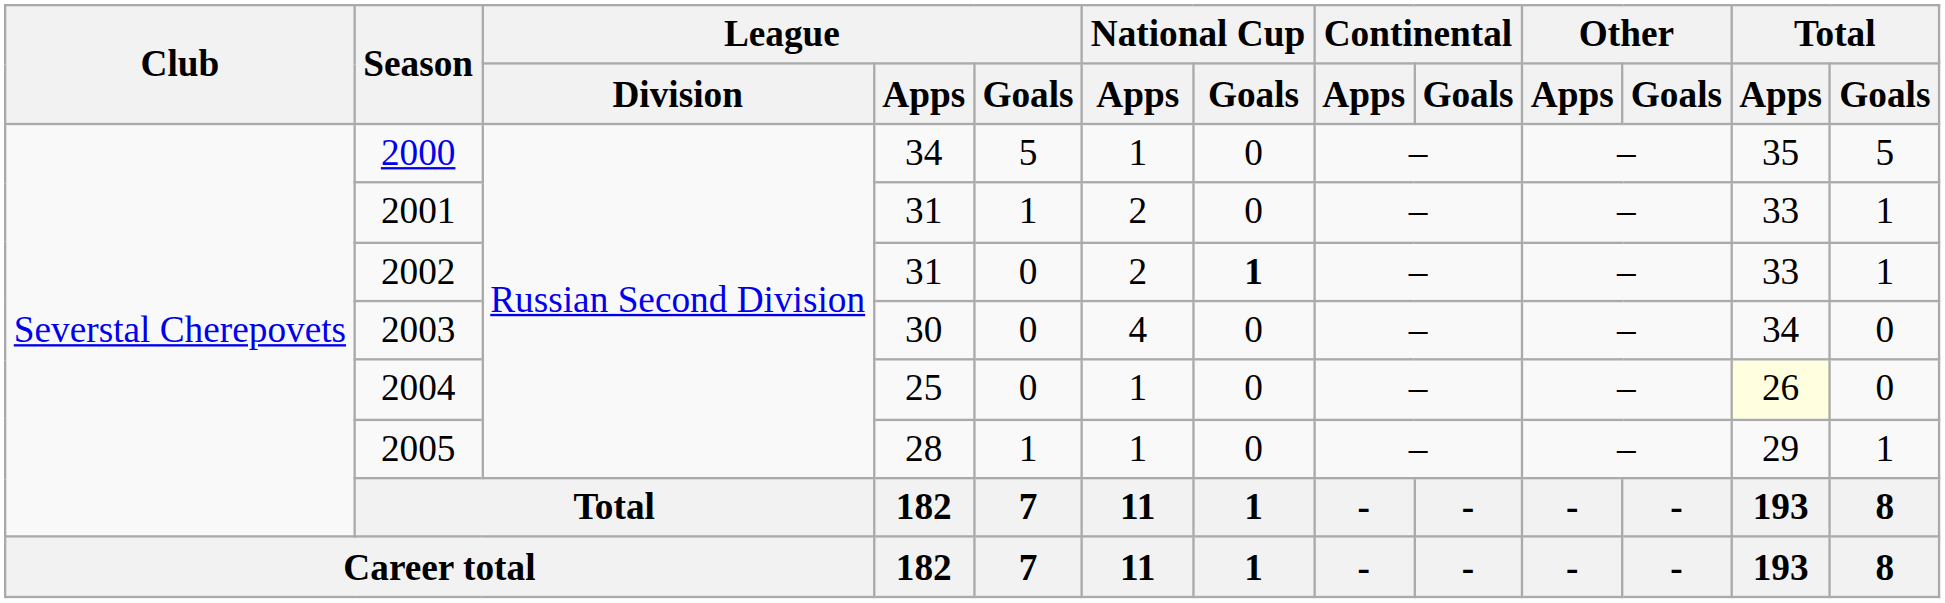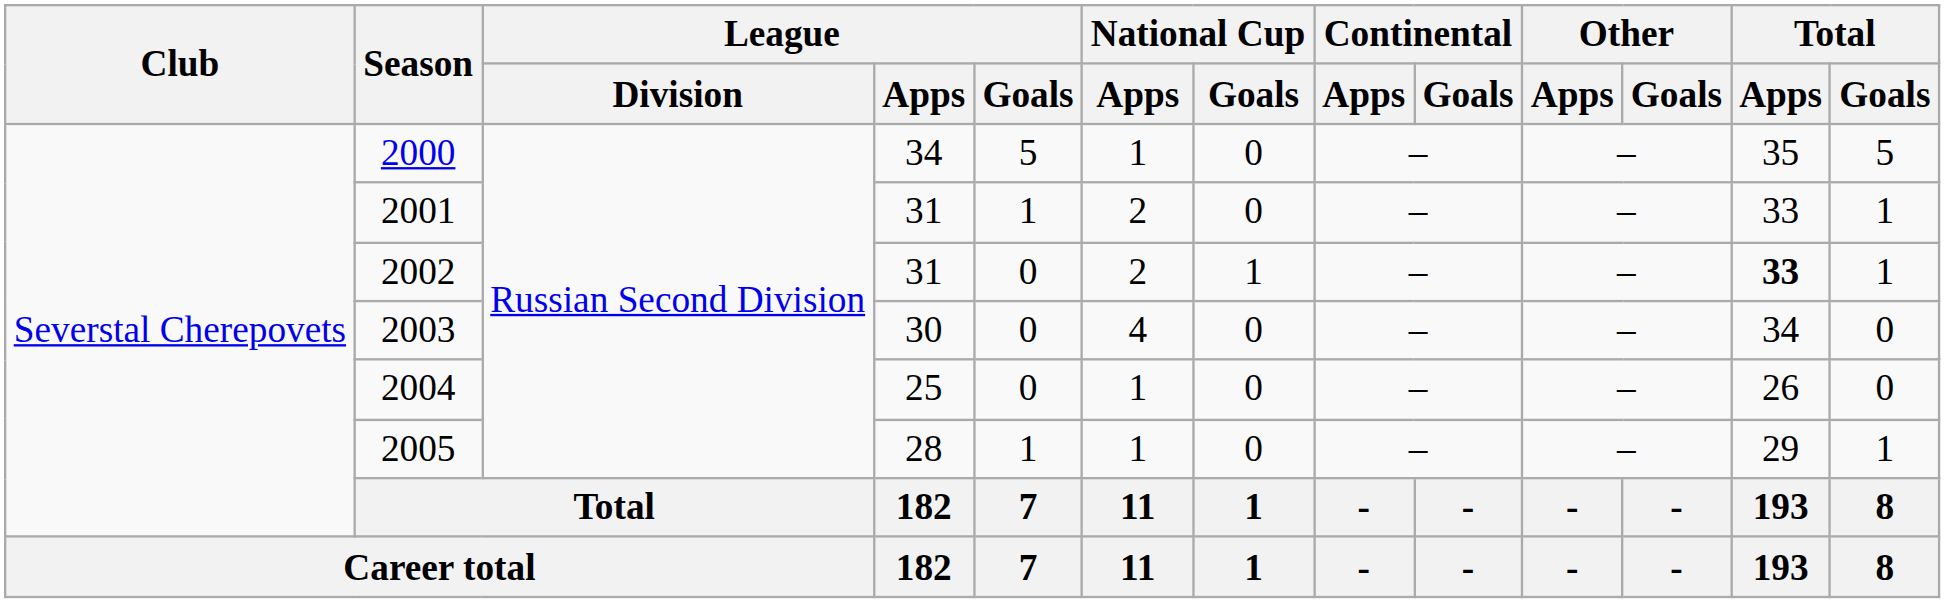 <table class="wikitable" style="text-align: center;">
 <tr>
 <th rowspan="2">Club</th>
 <th rowspan="2">Season</th>
 <th colspan="3">League</th>
 <th colspan="2">National Cup</th>
 <th colspan="2">Continental</th>
 <th colspan="2">Other</th>
 <th colspan="2">Total</th>
 </tr>
 <tr>
 <th>Division</th>
 <th>Apps</th>
 <th>Goals</th>
 <th>Apps</th>
 <th>Goals</th>
 <th>Apps</th>
 <th>Goals</th>
 <th>Apps</th>
 <th>Goals</th>
 <th>Apps</th>
 <th>Goals</th>
 </tr>
 <tr>
 <td rowspan="7" valign="center"><a href='#'>Severstal Cherepovets</a></td>
 <td><a href='#'>2000</a></td>
 <td rowspan="6" valign="center"><a href='#'>Russian Second Division</a></td>
 <td>34</td>
 <td>5</td>
 <td>1</td>
 <td>0</td>
 <td colspan="2">–</td>
 <td colspan="2">–</td>
 <td>35</td>
 <td>5</td>
 </tr>
 <tr>
 <td>2001</td>
 <td>31</td>
 <td>1</td>
 <td>2</td>
 <td>0</td>
 <td colspan="2">–</td>
 <td colspan="2">–</td>
 <td>33</td>
 <td>1</td>
 </tr>
 <tr>
 <td>2002</td>
 <td>31</td>
 <td>0</td>
 <td>2</td>
-<td><strong>1</strong></td>
+<td>1</td>
 <td colspan="2">–</td>
 <td colspan="2">–</td>
-<td>33</td>
+<td><strong>33</strong></td>
 <td>1</td>
 </tr>
 <tr>
 <td>2003</td>
 <td>30</td>
 <td>0</td>
 <td>4</td>
 <td>0</td>
 <td colspan="2">–</td>
 <td colspan="2">–</td>
 <td>34</td>
 <td>0</td>
 </tr>
 <tr>
 <td>2004</td>
 <td>25</td>
 <td>0</td>
 <td>1</td>
 <td>0</td>
 <td colspan="2">–</td>
 <td colspan="2">–</td>
-<td style="background: lightyellow;">26</td>
+<td>26</td>
 <td>0</td>
 </tr>
 <tr>
 <td>2005</td>
 <td>28</td>
 <td>1</td>
 <td>1</td>
 <td>0</td>
 <td colspan="2">–</td>
 <td colspan="2">–</td>
 <td>29</td>
 <td>1</td>
 </tr>
 <tr>
 <th colspan="2">Total</th>
 <th>182</th>
 <th>7</th>
 <th>11</th>
 <th>1</th>
 <th>-</th>
 <th>-</th>
 <th>-</th>
 <th>-</th>
 <th>193</th>
 <th>8</th>
 </tr>
 <tr>
 <th colspan="3">Career total</th>
 <th>182</th>
 <th>7</th>
 <th>11</th>
 <th>1</th>
 <th>-</th>
 <th>-</th>
 <th>-</th>
 <th>-</th>
 <th>193</th>
 <th>8</th>
 </tr>
 </table>
